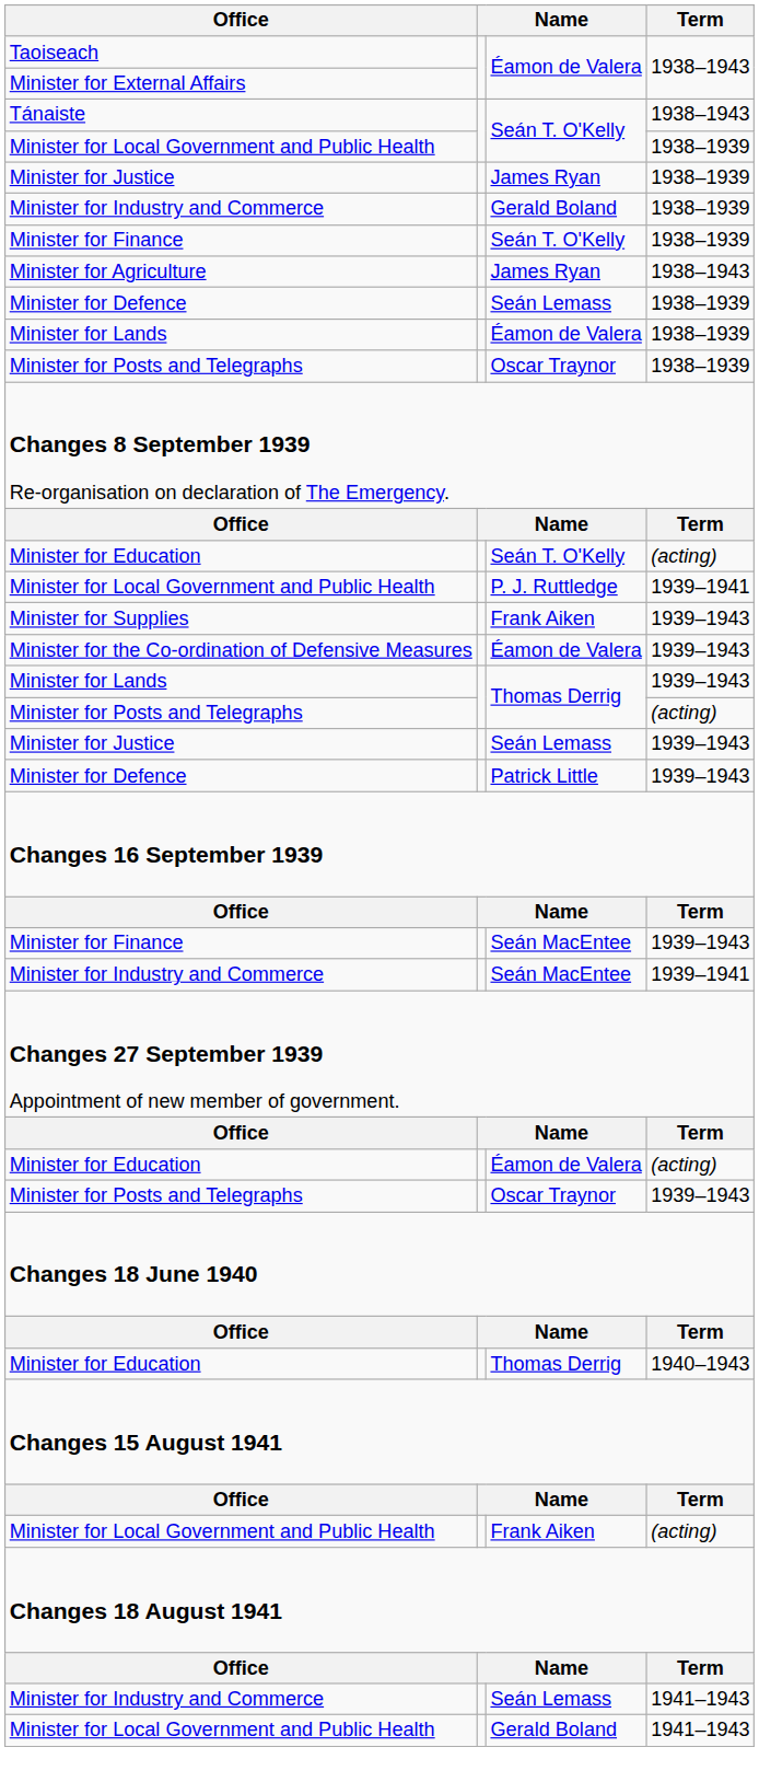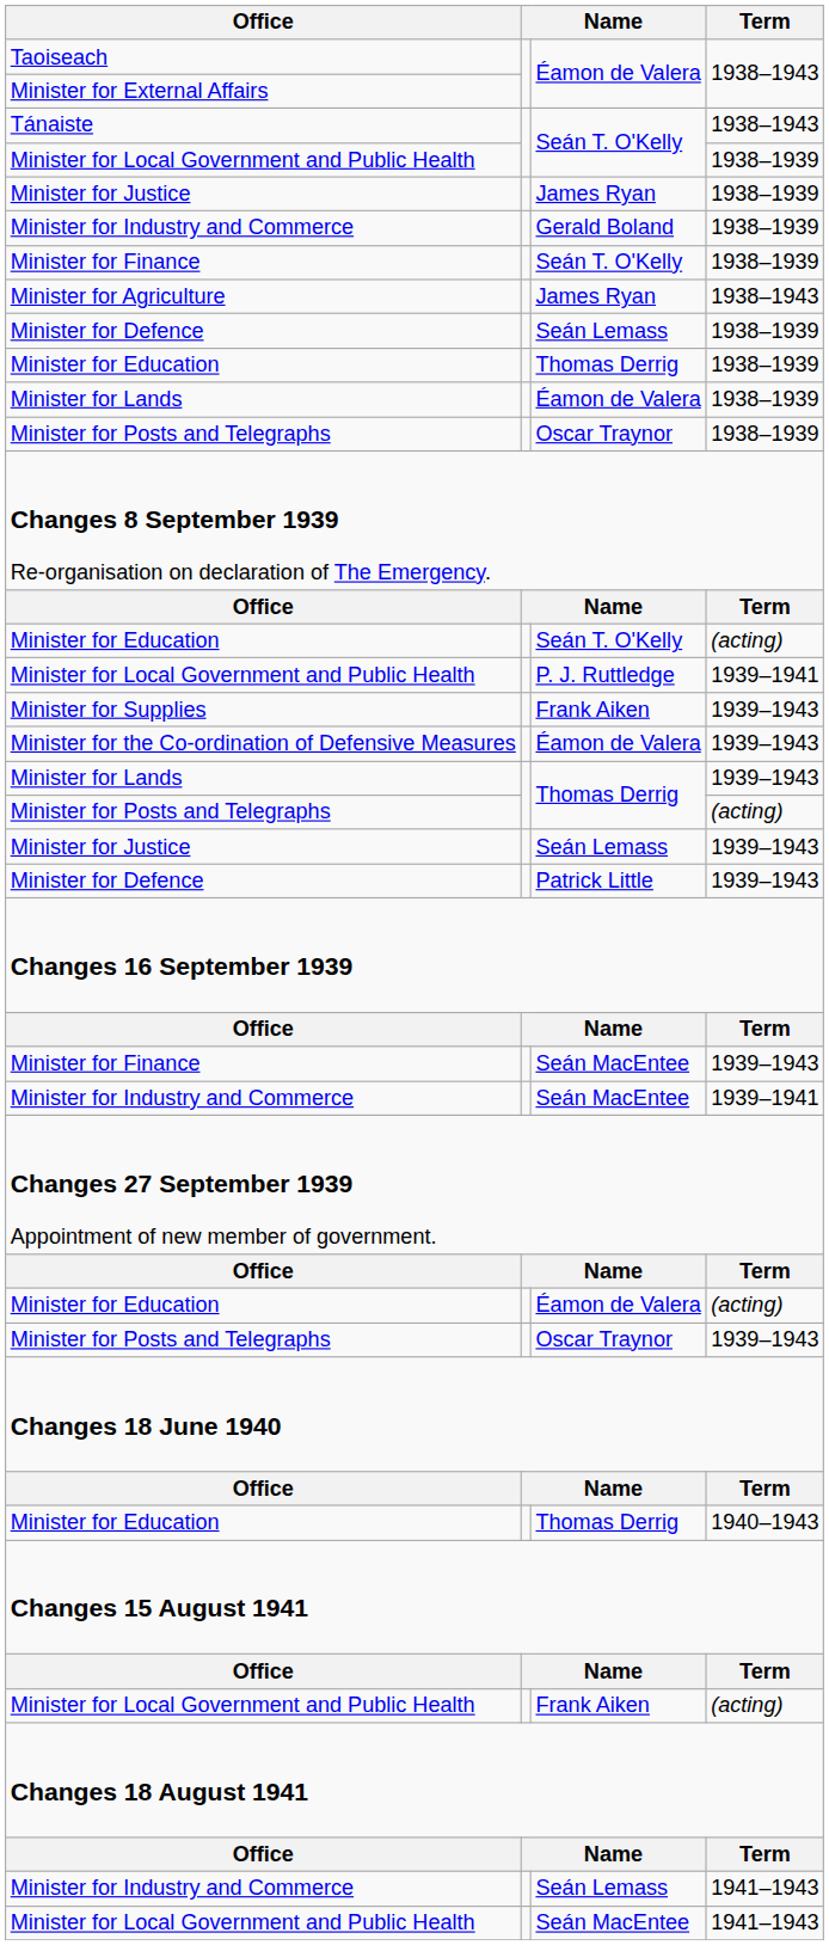 <table class="wikitable">
 <tr>
 <th>Office</th>
 <th colspan="2">Name</th>
 <th>Term</th>
 </tr>
 <tr>
 <td><a href='#'>Taoiseach</a></td>
 <td rowspan=2 style="background-color: "></td>
 <td rowspan=2><a href='#'>Éamon de Valera</a></td>
 <td rowspan=2>1938–1943</td>
 </tr>
 <tr>
 <td><a href='#'>Minister for External Affairs</a></td>
 </tr>
 <tr>
 <td><a href='#'>Tánaiste</a></td>
 <td rowspan=2 style="background-color: "></td>
 <td rowspan=2><a href='#'>Seán T. O'Kelly</a></td>
 <td>1938–1943</td>
 </tr>
 <tr>
 <td><a href='#'>Minister for Local Government and Public Health</a></td>
 <td>1938–1939</td>
 </tr>
 <tr>
 <td><a href='#'>Minister for Justice</a></td>
 <td style="background-color: "></td>
 <td><a href='#'>James Ryan</a></td>
 <td>1938–1939</td>
 </tr>
 <tr>
 <td><a href='#'>Minister for Industry and Commerce</a></td>
 <td style="background-color: "></td>
 <td><a href='#'>Gerald Boland</a></td>
 <td>1938–1939</td>
 </tr>
 <tr>
 <td><a href='#'>Minister for Finance</a></td>
 <td style="background-color: "></td>
 <td><a href='#'>Seán T. O'Kelly</a></td>
 <td>1938–1939</td>
 </tr>
 <tr>
 <td><a href='#'>Minister for Agriculture</a></td>
 <td style="background-color: "></td>
 <td><a href='#'>James Ryan</a></td>
 <td>1938–1943</td>
 </tr>
 <tr>
 <td><a href='#'>Minister for Defence</a></td>
 <td style="background-color: "></td>
 <td><a href='#'>Seán Lemass</a></td>
+<td>1938–1939</td>
+</tr>
+<tr>
+<td><a href='#'>Minister for Education</a></td>
+<td style="background-color: "></td>
+<td><a href='#'>Thomas Derrig</a></td>
 <td>1938–1939</td>
 </tr>
 <tr>
 <td><a href='#'>Minister for Lands</a></td>
 <td style="background-color: "></td>
 <td><a href='#'>Éamon de Valera</a></td>
 <td>1938–1939</td>
 </tr>
 <tr>
 <td><a href='#'>Minister for Posts and Telegraphs</a></td>
 <td style="background-color: "></td>
 <td><a href='#'>Oscar Traynor</a></td>
 <td>1938–1939</td>
 </tr>
 <tr>
 <td colspan=4><br><h3>Changes 8 September 1939</h3>Re-organisation on declaration of <a href='#'>The Emergency</a>.</td>
 </tr>
 <tr>
 <th>Office</th>
 <th colspan="2">Name</th>
 <th>Term</th>
 </tr>
 <tr>
 <td><a href='#'>Minister for Education</a></td>
 <td style="background-color: "></td>
 <td><a href='#'>Seán T. O'Kelly</a></td>
 <td><em>(acting)</em></td>
 </tr>
 <tr>
 <td><a href='#'>Minister for Local Government and Public Health</a></td>
 <td style="background-color: "></td>
 <td><a href='#'>P. J. Ruttledge</a></td>
 <td>1939–1941</td>
 </tr>
 <tr>
 <td><a href='#'>Minister for Supplies</a></td>
 <td style="background-color: "></td>
 <td><a href='#'>Frank Aiken</a></td>
 <td>1939–1943</td>
 </tr>
 <tr>
 <td><a href='#'>Minister for the Co-ordination of Defensive Measures</a></td>
 <td style="background-color: "></td>
 <td><a href='#'>Éamon de Valera</a></td>
 <td>1939–1943</td>
 </tr>
 <tr>
 <td><a href='#'>Minister for Lands</a></td>
 <td rowspan=2 style="background-color: "></td>
 <td rowspan=2><a href='#'>Thomas Derrig</a></td>
 <td>1939–1943</td>
 </tr>
 <tr>
 <td><a href='#'>Minister for Posts and Telegraphs</a></td>
 <td><em>(acting)</em></td>
 </tr>
 <tr>
 <td><a href='#'>Minister for Justice</a></td>
 <td style="background-color: "></td>
 <td><a href='#'>Seán Lemass</a></td>
 <td>1939–1943</td>
 </tr>
 <tr>
 <td><a href='#'>Minister for Defence</a></td>
 <td style="background-color: "></td>
 <td><a href='#'>Patrick Little</a></td>
 <td>1939–1943</td>
 </tr>
 <tr>
 <td colspan=4><br><h3>Changes 16 September 1939</h3></td>
 </tr>
 <tr>
 <th>Office</th>
 <th colspan="2">Name</th>
 <th>Term</th>
 </tr>
 <tr>
 <td><a href='#'>Minister for Finance</a></td>
 <td style="background-color: "></td>
 <td><a href='#'>Seán MacEntee</a></td>
 <td>1939–1943</td>
 </tr>
 <tr>
 <td><a href='#'>Minister for Industry and Commerce</a></td>
 <td style="background-color: "></td>
 <td><a href='#'>Seán MacEntee</a></td>
 <td>1939–1941</td>
 </tr>
 <tr>
 <td colspan=4><br><h3>Changes 27 September 1939</h3>Appointment of new member of government.</td>
 </tr>
 <tr>
 <th>Office</th>
 <th colspan="2">Name</th>
 <th>Term</th>
 </tr>
 <tr>
 <td><a href='#'>Minister for Education</a></td>
 <td style="background-color: "></td>
 <td><a href='#'>Éamon de Valera</a></td>
 <td><em>(acting)</em></td>
 </tr>
 <tr>
 <td><a href='#'>Minister for Posts and Telegraphs</a></td>
 <td style="background-color: "></td>
 <td><a href='#'>Oscar Traynor</a></td>
 <td>1939–1943</td>
 </tr>
 <tr>
 <td colspan=4><br><h3>Changes 18 June 1940</h3></td>
 </tr>
 <tr>
 <th>Office</th>
 <th colspan="2">Name</th>
 <th>Term</th>
 </tr>
 <tr>
 <td><a href='#'>Minister for Education</a></td>
 <td style="background-color: "></td>
 <td><a href='#'>Thomas Derrig</a></td>
 <td>1940–1943</td>
 </tr>
 <tr>
 <td colspan=4><br><h3>Changes 15 August 1941</h3></td>
 </tr>
 <tr>
 <th>Office</th>
 <th colspan="2">Name</th>
 <th>Term</th>
 </tr>
 <tr>
 <td><a href='#'>Minister for Local Government and Public Health</a></td>
 <td style="background-color: "></td>
 <td><a href='#'>Frank Aiken</a></td>
 <td><em>(acting)</em></td>
 </tr>
 <tr>
 <td colspan=4><br><h3>Changes 18 August 1941</h3></td>
 </tr>
 <tr>
 <th>Office</th>
 <th colspan="2">Name</th>
 <th>Term</th>
 </tr>
 <tr>
 <td><a href='#'>Minister for Industry and Commerce</a></td>
 <td style="background-color: "></td>
 <td><a href='#'>Seán Lemass</a></td>
 <td>1941–1943</td>
 </tr>
 <tr>
 <td><a href='#'>Minister for Local Government and Public Health</a></td>
 <td style="background-color: "></td>
-<td><a href='#'>Gerald Boland</a></td>
+<td><a href='#'>Seán MacEntee</a></td>
 <td>1941–1943</td>
 </tr>
 </table>
